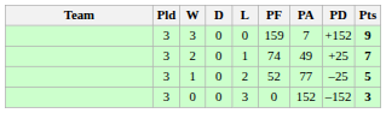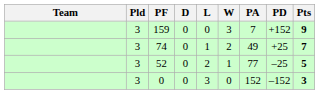 <table class="wikitable" style="text-align:center;">
 <tr>
 <th width=175>Team</th>
 <th width=25 abbr="Played">Pld</th>
-<th width=25 abbr="Won">W</th>
+<th width=32 abbr="Points for">PF</th>
 <th width=25 abbr="Drawn">D</th>
 <th width=25 abbr="Lost">L</th>
-<th width=32 abbr="Points for">PF</th>
+<th width=25 abbr="Won">W</th>
 <th width=32 abbr="Points against">PA</th>
 <th width=32 abbr="Points difference">PD</th>
 <th width=25 abbr="Points">Pts</th>
 </tr>
 <tr bgcolor=ccffcc>
 <td align=left></td>
 <td>3</td>
-<td>3</td>
+<td>159</td>
 <td>0</td>
 <td>0</td>
-<td>159</td>
+<td>3</td>
 <td>7</td>
 <td>+152</td>
 <td><strong>9</strong></td>
 </tr>
 <tr bgcolor=ccffcc>
 <td align=left></td>
 <td>3</td>
-<td>2</td>
+<td>74</td>
 <td>0</td>
 <td>1</td>
-<td>74</td>
+<td>2</td>
 <td>49</td>
 <td>+25</td>
 <td><strong>7</strong></td>
 </tr>
 <tr bgcolor=ccffcc>
 <td align=left></td>
 <td>3</td>
-<td>1</td>
+<td>52</td>
 <td>0</td>
 <td>2</td>
-<td>52</td>
+<td>1</td>
 <td>77</td>
 <td>–25</td>
 <td><strong>5</strong></td>
 </tr>
 <tr bgcolor=ccffcc>
 <td align=left></td>
 <td>3</td>
 <td>0</td>
 <td>0</td>
 <td>3</td>
 <td>0</td>
 <td>152</td>
 <td>–152</td>
 <td><strong>3</strong></td>
 </tr>
 </table>
